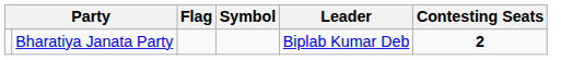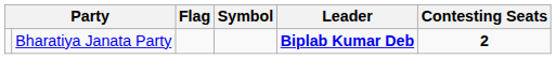 <table class="wikitable" style="text-align:center">
 <tr>
 <th colspan="2">Party</th>
 <th>Flag</th>
 <th>Symbol</th>
 <th>Leader</th>
 <th>Contesting Seats</th>
 </tr>
 <tr>
 <td></td>
 <td><a href='#'>Bharatiya Janata Party</a></td>
 <td></td>
 <td></td>
-<td><a href='#'>Biplab Kumar Deb</a></td>
+<td><strong><a href='#'>Biplab Kumar Deb</a></strong></td>
 <td><strong>2</strong></td>
 </tr>
 </table>
